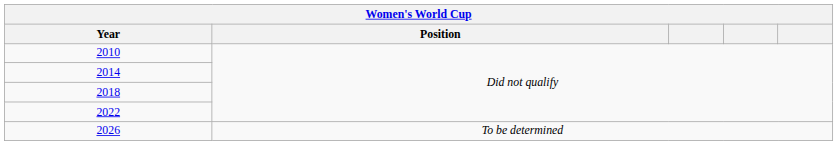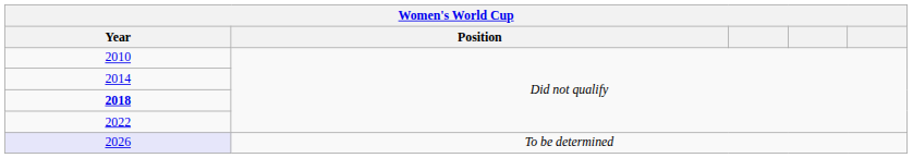 <table class="wikitable" width=80% style="text-align: center;font-size:90%;">
 <tr>
 <th colspan=5><a href='#'>Women's World Cup</a></th>
 </tr>
 <tr>
 <th>Year</th>
 <th>Position</th>
 <th></th>
 <th></th>
 <th></th>
 </tr>
 <tr>
 <td> <a href='#'>2010</a></td>
 <td colspan=4 rowspan=4><em>Did not qualify</em></td>
 </tr>
 <tr>
 <td> <a href='#'>2014</a></td>
 </tr>
 <tr>
-<td> <a href='#'>2018</a></td>
+<td><strong> <a href='#'>2018</a></strong></td>
 </tr>
 <tr>
 <td> <a href='#'>2022</a></td>
 </tr>
 <tr>
-<td> <a href='#'>2026</a></td>
+<td style="background: lavender;"> <a href='#'>2026</a></td>
 <td colspan=4><em>To be determined</em></td>
 </tr>
 </table>
